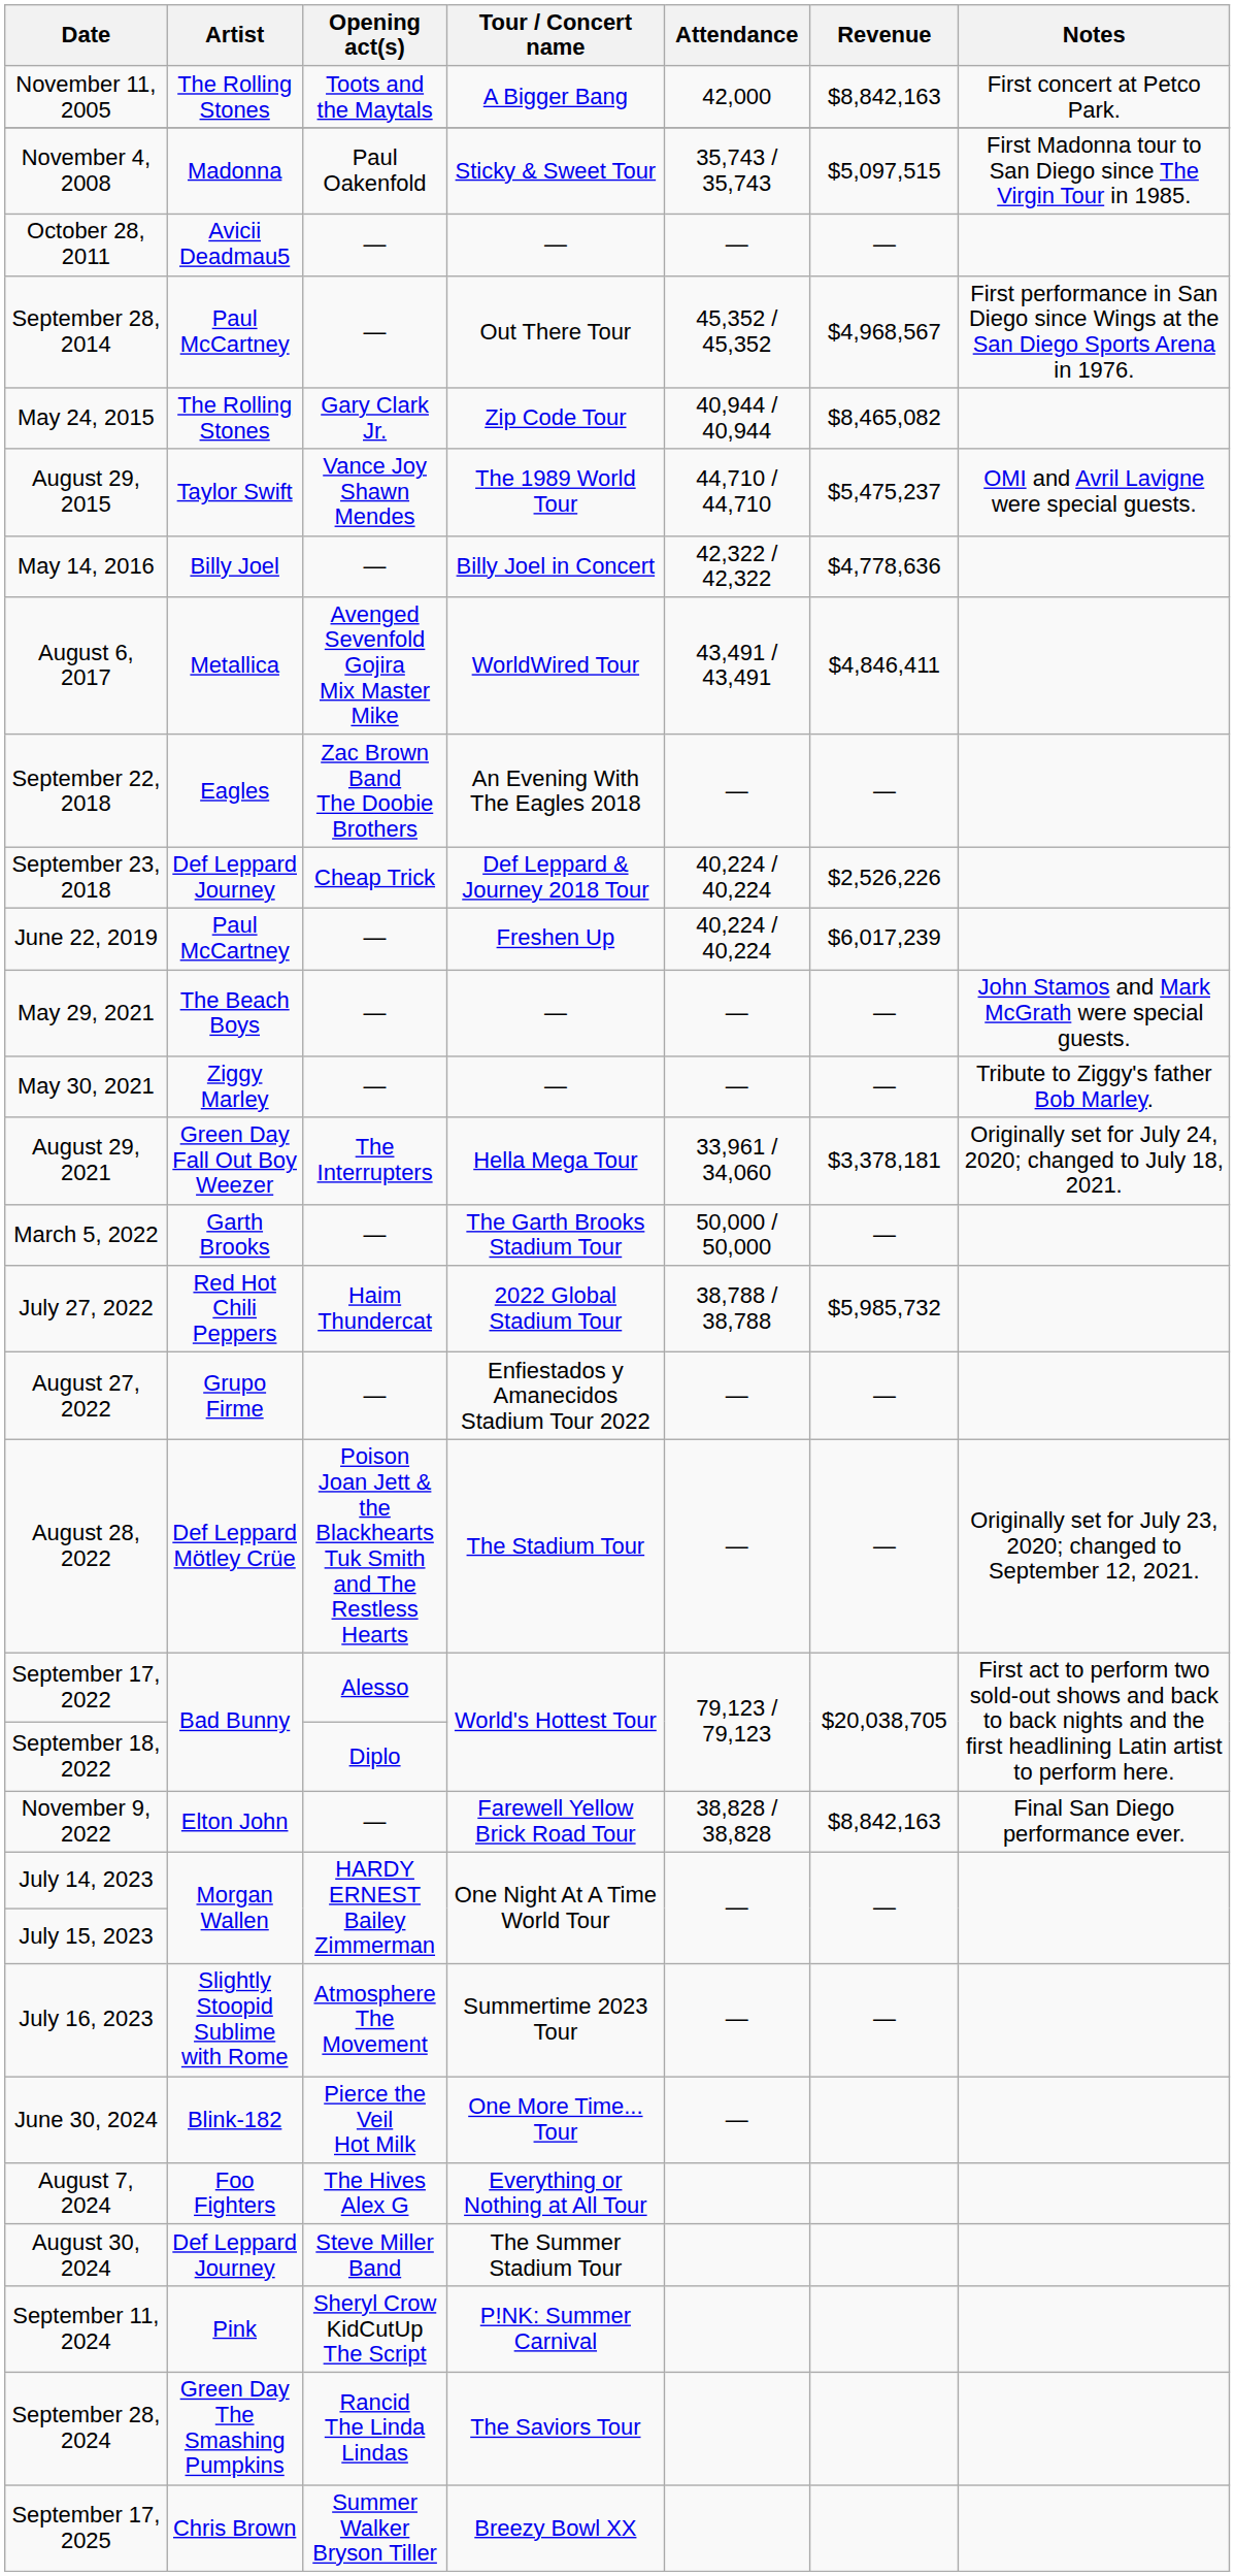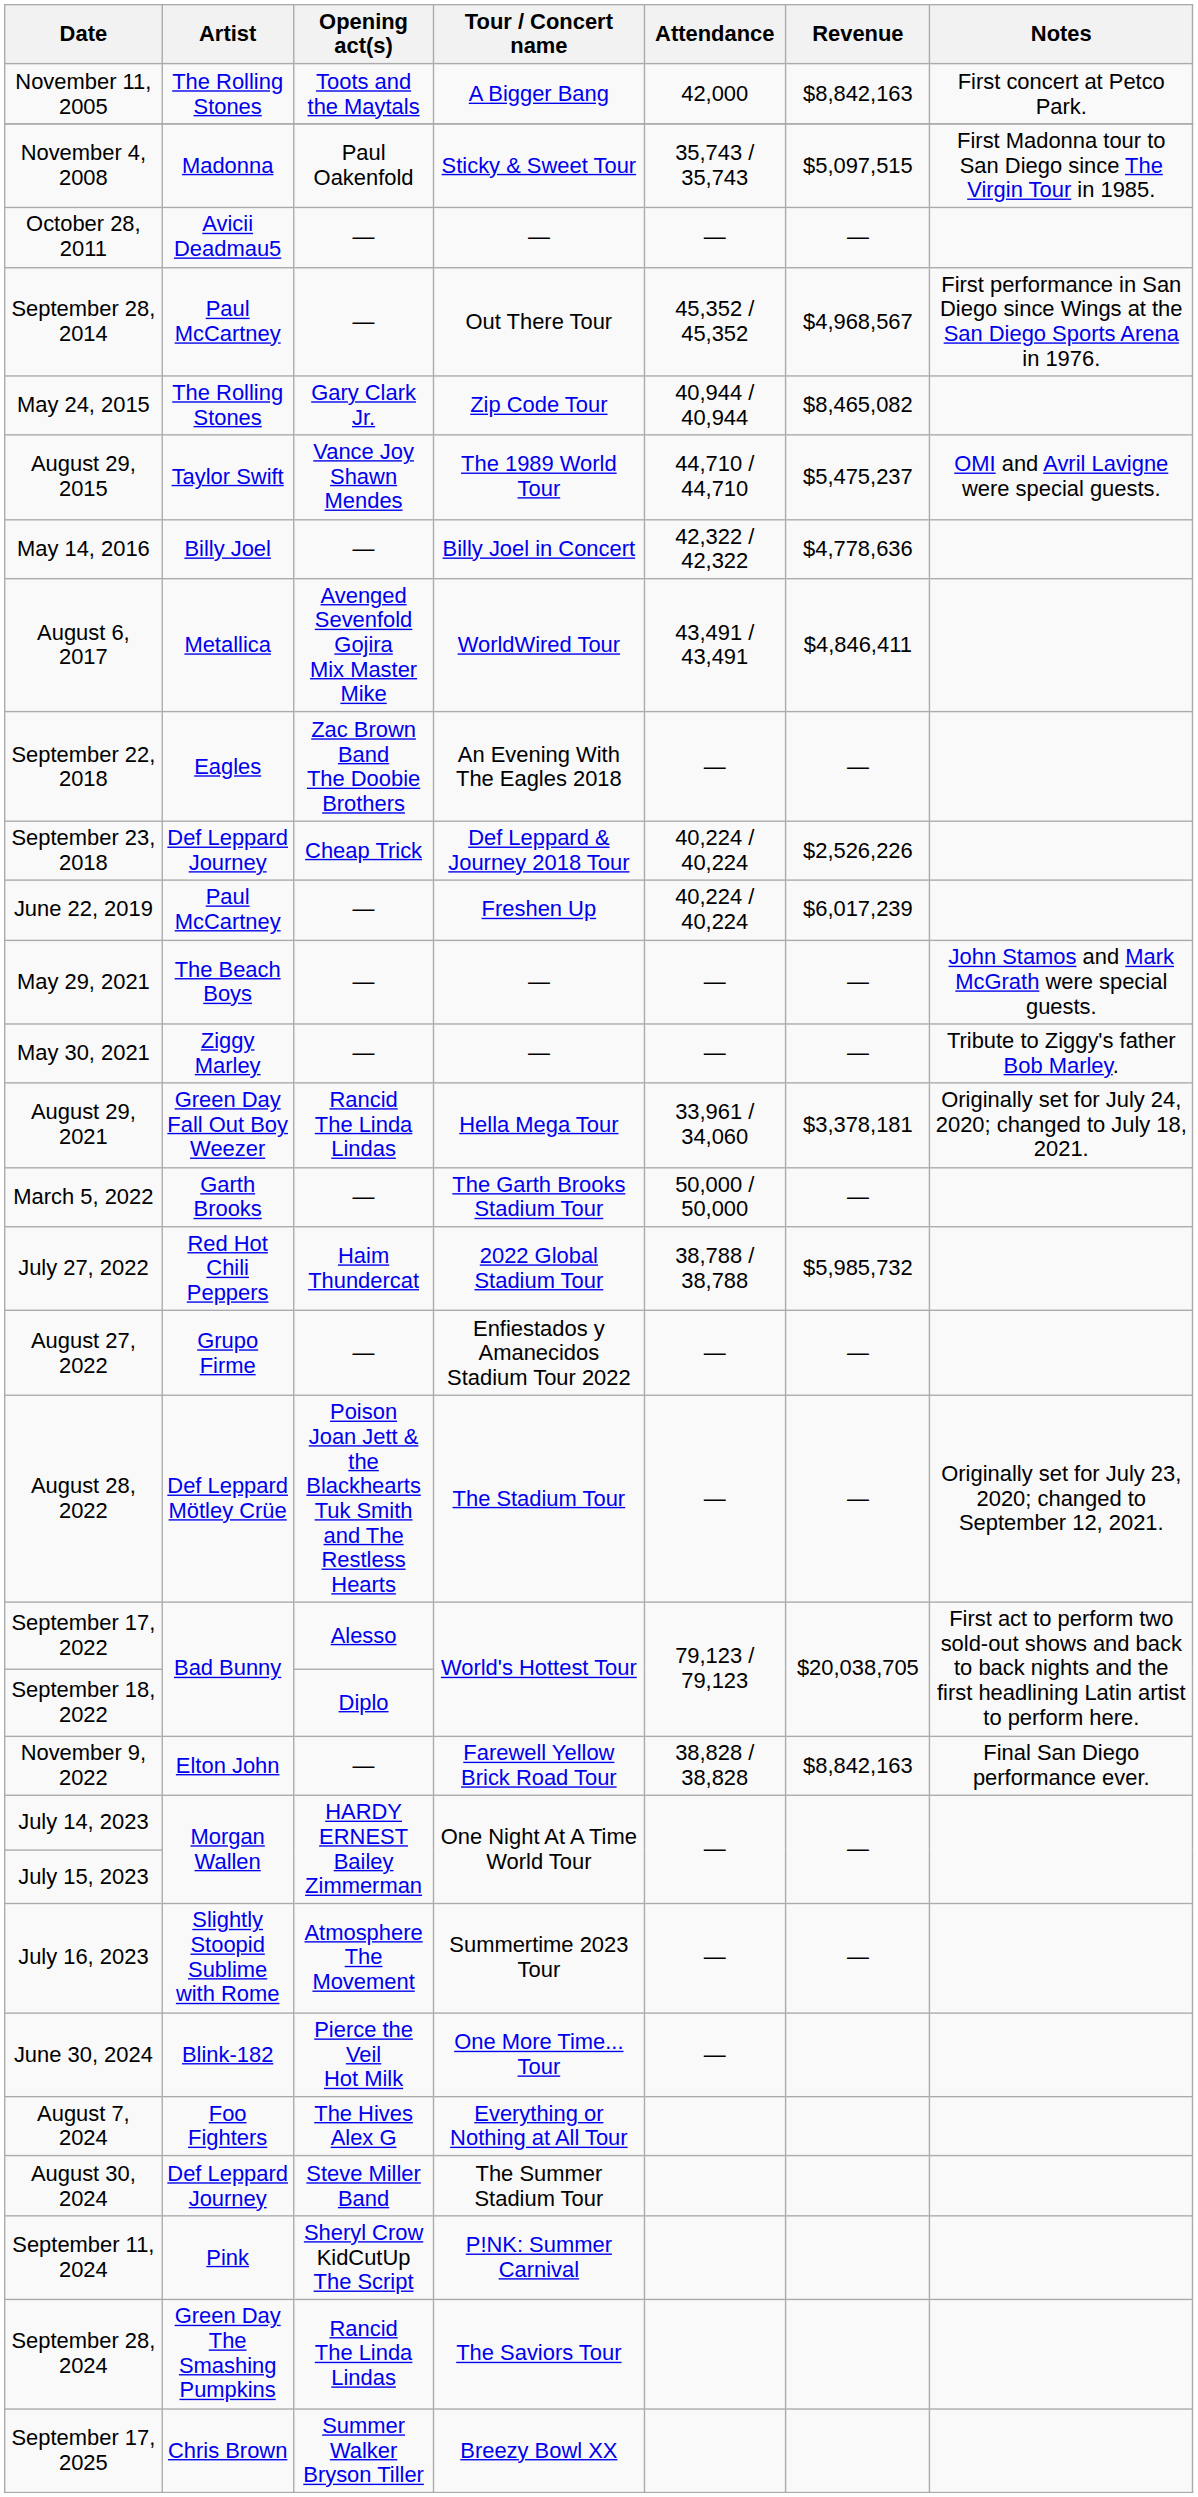 <table class="wikitable" style="text-align:center;">
 <tr>
 <th width=12% style="text-align:center;">Date</th>
 <th width=10% style="text-align:center;">Artist</th>
 <th width=10% style="text-align:center;">Opening act(s)</th>
 <th width=16% style="text-align:center;">Tour / Concert name</th>
 <th width=10% style="text-align:center;">Attendance</th>
 <th width=10% style="text-align:center;">Revenue</th>
 <th width=20% style="text-align:center;">Notes</th>
 </tr>
 <tr>
 <td>November 11, 2005</td>
 <td><a href='#'>The Rolling Stones</a></td>
 <td><a href='#'>Toots and the Maytals</a></td>
 <td><a href='#'>A Bigger Bang</a></td>
 <td>42,000</td>
 <td>$8,842,163</td>
 <td>First concert at Petco Park.</td>
 </tr>
 <tr>
 </tr>
 <tr>
 <td>November 4, 2008</td>
 <td><a href='#'>Madonna</a></td>
 <td>Paul Oakenfold</td>
 <td><a href='#'>Sticky & Sweet Tour</a></td>
 <td>35,743 / 35,743</td>
 <td>$5,097,515</td>
 <td>First Madonna tour to San Diego since <a href='#'>The Virgin Tour</a> in 1985.</td>
 </tr>
 <tr>
 <td>October 28, 2011</td>
 <td><a href='#'>Avicii</a><br><a href='#'>Deadmau5</a></td>
 <td>—</td>
 <td>—</td>
 <td>—</td>
 <td>—</td>
 <td></td>
 </tr>
 <tr>
 <td>September 28, 2014</td>
 <td><a href='#'>Paul McCartney</a></td>
 <td>—</td>
 <td>Out There Tour</td>
 <td>45,352 / 45,352</td>
 <td>$4,968,567</td>
 <td>First performance in San Diego since Wings at the <a href='#'>San Diego Sports Arena</a> in 1976.</td>
 </tr>
 <tr>
 <td>May 24, 2015</td>
 <td><a href='#'>The Rolling Stones</a></td>
 <td><a href='#'>Gary Clark Jr.</a></td>
 <td><a href='#'>Zip Code Tour</a></td>
 <td>40,944 / 40,944</td>
 <td>$8,465,082</td>
 <td></td>
 </tr>
 <tr>
 <td>August 29, 2015</td>
 <td><a href='#'>Taylor Swift</a></td>
 <td><a href='#'>Vance Joy</a><br><a href='#'>Shawn Mendes</a></td>
 <td><a href='#'>The 1989 World Tour</a></td>
 <td>44,710 / 44,710</td>
 <td>$5,475,237</td>
 <td><a href='#'>OMI</a> and <a href='#'>Avril Lavigne</a> were special guests.</td>
 </tr>
 <tr>
 <td>May 14, 2016</td>
 <td><a href='#'>Billy Joel</a></td>
 <td>—</td>
 <td><a href='#'>Billy Joel in Concert</a></td>
 <td>42,322 / 42,322</td>
 <td>$4,778,636</td>
 <td></td>
 </tr>
 <tr>
 <td>August 6, 2017</td>
 <td><a href='#'>Metallica</a></td>
 <td><a href='#'>Avenged Sevenfold</a><br><a href='#'>Gojira</a><br><a href='#'>Mix Master Mike</a></td>
 <td><a href='#'>WorldWired Tour</a></td>
 <td>43,491 / 43,491</td>
 <td>$4,846,411</td>
 <td></td>
 </tr>
 <tr>
 <td>September 22, 2018</td>
 <td><a href='#'>Eagles</a></td>
 <td><a href='#'>Zac Brown Band</a><br><a href='#'>The Doobie Brothers</a></td>
 <td>An Evening With The Eagles 2018</td>
 <td>—</td>
 <td>—</td>
 <td></td>
 </tr>
 <tr>
 <td>September 23, 2018</td>
 <td><a href='#'>Def Leppard</a><br><a href='#'>Journey</a></td>
 <td><a href='#'>Cheap Trick</a></td>
 <td><a href='#'>Def Leppard & Journey 2018 Tour</a></td>
 <td>40,224 / 40,224</td>
 <td>$2,526,226</td>
 <td></td>
 </tr>
 <tr>
 <td>June 22, 2019</td>
 <td><a href='#'>Paul McCartney</a></td>
 <td>—</td>
 <td><a href='#'>Freshen Up</a></td>
 <td>40,224 / 40,224</td>
 <td>$6,017,239</td>
 <td></td>
 </tr>
 <tr>
 <td>May 29, 2021</td>
 <td><a href='#'>The Beach Boys</a></td>
 <td>—</td>
 <td>—</td>
 <td>—</td>
 <td>—</td>
 <td><a href='#'>John Stamos</a> and <a href='#'>Mark McGrath</a> were special guests.</td>
 </tr>
 <tr>
 <td>May 30, 2021</td>
 <td><a href='#'>Ziggy Marley</a></td>
 <td>—</td>
 <td>—</td>
 <td>—</td>
 <td>—</td>
 <td>Tribute to Ziggy's father <a href='#'>Bob Marley</a>.</td>
 </tr>
 <tr>
 <td>August 29, 2021</td>
 <td><a href='#'>Green Day</a><br><a href='#'>Fall Out Boy</a><br><a href='#'>Weezer</a></td>
-<td><a href='#'>The Interrupters</a></td>
+<td><a href='#'>Rancid</a><br><a href='#'>The Linda Lindas</a></td>
 <td><a href='#'>Hella Mega Tour</a></td>
 <td>33,961 / 34,060</td>
 <td>$3,378,181</td>
 <td>Originally set for July 24, 2020; changed to July 18, 2021.</td>
 </tr>
 <tr>
 <td>March 5, 2022</td>
 <td><a href='#'>Garth Brooks</a></td>
 <td>—</td>
 <td><a href='#'>The Garth Brooks Stadium Tour</a></td>
 <td>50,000 / 50,000</td>
 <td>—</td>
 <td></td>
 </tr>
 <tr>
 <td>July 27, 2022</td>
 <td><a href='#'>Red Hot Chili Peppers</a></td>
 <td><a href='#'>Haim</a><br><a href='#'>Thundercat</a></td>
 <td><a href='#'>2022 Global Stadium Tour</a></td>
 <td>38,788 / 38,788</td>
 <td>$5,985,732</td>
 <td></td>
 </tr>
 <tr>
 <td>August 27, 2022</td>
 <td><a href='#'>Grupo Firme</a></td>
 <td>—</td>
 <td>Enfiestados y Amanecidos Stadium Tour 2022</td>
 <td>—</td>
 <td>—</td>
 <td></td>
 </tr>
 <tr>
 <td>August 28, 2022</td>
 <td><a href='#'>Def Leppard</a><br><a href='#'>Mötley Crüe</a></td>
 <td><a href='#'>Poison</a><br><a href='#'>Joan Jett & the Blackhearts</a><br><a href='#'>Tuk Smith and The Restless Hearts</a></td>
 <td><a href='#'>The Stadium Tour</a></td>
 <td>—</td>
 <td>—</td>
 <td>Originally set for July 23, 2020; changed to September 12, 2021.</td>
 </tr>
 <tr>
 <td>September 17, 2022</td>
 <td rowspan="2"><a href='#'>Bad Bunny</a></td>
 <td><a href='#'>Alesso</a></td>
 <td rowspan="2"><a href='#'>World's Hottest Tour</a></td>
 <td rowspan="2">79,123 / 79,123</td>
 <td rowspan="2">$20,038,705</td>
 <td rowspan="2">First act to perform two sold-out shows and back to back nights and the first headlining Latin artist to perform here.</td>
 </tr>
 <tr>
 <td>September 18, 2022</td>
 <td><a href='#'>Diplo</a></td>
 </tr>
 <tr>
 <td>November 9, 2022</td>
 <td><a href='#'>Elton John</a></td>
 <td>—</td>
 <td><a href='#'>Farewell Yellow Brick Road Tour</a></td>
 <td>38,828 / 38,828</td>
 <td>$8,842,163</td>
 <td>Final San Diego performance ever.</td>
 </tr>
 <tr>
 <td>July 14, 2023</td>
 <td rowspan="2"><a href='#'>Morgan Wallen</a></td>
 <td rowspan="2"><a href='#'>HARDY</a> <br> <a href='#'>ERNEST</a> <br> <a href='#'>Bailey Zimmerman</a></td>
 <td rowspan="2">One Night At A Time World Tour</td>
 <td rowspan="2">—</td>
 <td rowspan="2">—</td>
 <td rowspan="2"></td>
 </tr>
 <tr>
 <td>July 15, 2023</td>
 </tr>
 <tr>
 <td>July 16, 2023</td>
 <td><a href='#'>Slightly Stoopid</a><br><a href='#'>Sublime with Rome</a></td>
 <td><a href='#'>Atmosphere</a><br><a href='#'>The Movement</a></td>
 <td>Summertime 2023 Tour</td>
 <td>—</td>
 <td>—</td>
 <td></td>
 </tr>
 <tr>
 <td>June 30, 2024</td>
 <td><a href='#'>Blink-182</a></td>
 <td><a href='#'>Pierce the Veil</a><br><a href='#'>Hot Milk</a></td>
 <td><a href='#'>One More Time... Tour</a></td>
 <td>—</td>
 <td></td>
 <td></td>
 </tr>
 <tr>
 <td>August 7, 2024</td>
 <td><a href='#'>Foo Fighters</a></td>
 <td><a href='#'>The Hives</a><br><a href='#'>Alex G</a></td>
 <td><a href='#'>Everything or Nothing at All Tour</a></td>
 <td></td>
 <td></td>
 <td></td>
 </tr>
 <tr>
 <td>August 30, 2024</td>
 <td><a href='#'>Def Leppard</a><br><a href='#'>Journey</a></td>
 <td><a href='#'>Steve Miller Band</a></td>
 <td>The Summer Stadium Tour</td>
 <td></td>
 <td></td>
 <td></td>
 </tr>
 <tr>
 <td>September 11, 2024</td>
 <td><a href='#'>Pink</a></td>
 <td><a href='#'>Sheryl Crow</a><br>KidCutUp<br><a href='#'>The Script</a></td>
 <td><a href='#'>P!NK: Summer Carnival</a></td>
 <td></td>
 <td></td>
 <td></td>
 </tr>
 <tr>
 <td>September 28, 2024</td>
 <td><a href='#'>Green Day</a><br><a href='#'>The Smashing Pumpkins</a></td>
 <td><a href='#'>Rancid</a><br><a href='#'>The Linda Lindas</a></td>
 <td><a href='#'>The Saviors Tour</a></td>
 <td></td>
 <td></td>
 <td></td>
 </tr>
 <tr>
 <td>September 17, 2025</td>
 <td><a href='#'>Chris Brown</a></td>
 <td><a href='#'>Summer Walker</a><br><a href='#'>Bryson Tiller</a></td>
 <td><a href='#'>Breezy Bowl XX</a></td>
 <td></td>
 <td></td>
 <td></td>
 </tr>
 <tr>
 </tr>
 </table>
